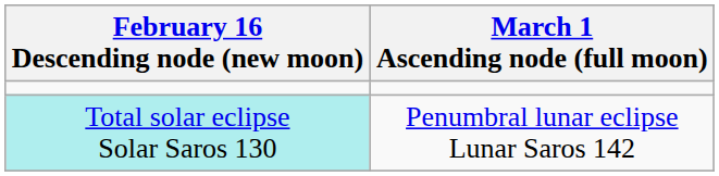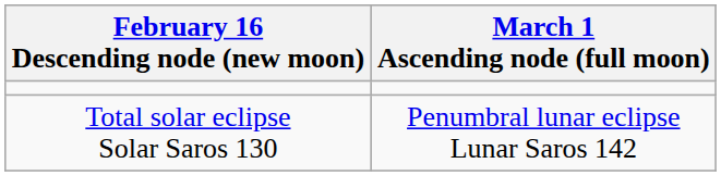 <table class="wikitable">
 <tr>
 <th><a href='#'>February 16</a><br>Descending node (new moon)<br></th>
 <th><a href='#'>March 1</a><br>Ascending node (full moon)<br></th>
 </tr>
 <tr>
 <td></td>
 <td></td>
 </tr>
 <tr align=center>
-<td style="background: paleturquoise;"><a href='#'>Total solar eclipse</a><br>Solar Saros 130</td>
+<td><a href='#'>Total solar eclipse</a><br>Solar Saros 130</td>
 <td><a href='#'>Penumbral lunar eclipse</a><br>Lunar Saros 142</td>
 </tr>
 </table>
